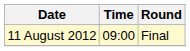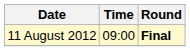 <table class="wikitable">
 <tr>
 <th>Date</th>
 <th>Time</th>
 <th>Round</th>
 </tr>
 <tr>
 <td style=background:lemonchiffon>11 August 2012</td>
 <td style=background:lemonchiffon>09:00</td>
-<td style=background:lemonchiffon>Final</td>
+<td style=background:lemonchiffon><strong>Final</strong></td>
 </tr>
 <tr>
 </tr>
 </table>
